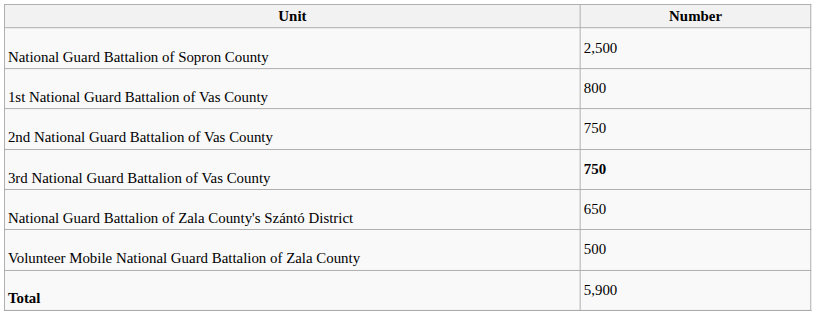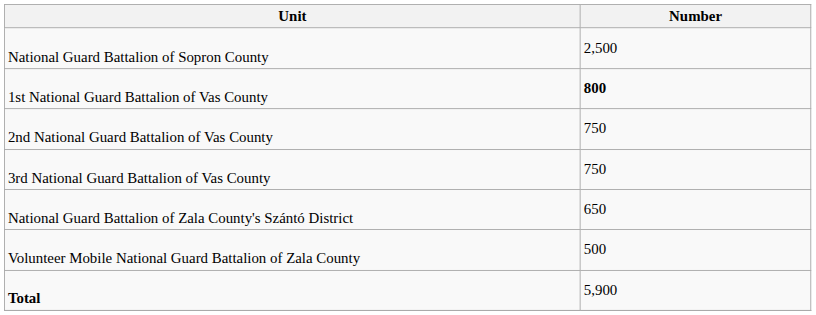 <table class="wikitable">
 <tr>
 <th width=25%>Unit</th>
 <th width=10%>Number</th>
 </tr>
 <tr>
 <td><br>National Guard Battalion of Sopron County</td>
 <td>2,500</td>
 </tr>
 <tr>
 <td><br>1st National Guard Battalion of Vas County</td>
-<td>800</td>
+<td><strong>800</strong></td>
 </tr>
 <tr>
 <td><br>2nd National Guard Battalion of Vas County</td>
 <td>750</td>
 </tr>
 <tr>
 <td><br>3rd National Guard Battalion of Vas County</td>
-<td><strong>750</strong></td>
+<td>750</td>
 </tr>
 <tr>
 <td><br>National Guard Battalion of Zala County's Szántó District</td>
 <td>650</td>
 </tr>
 <tr>
 <td><br>Volunteer Mobile National Guard Battalion of Zala County</td>
 <td>500</td>
 </tr>
 <tr>
 <td><br><strong>Total</strong></td>
 <td>5,900</td>
 </tr>
 <tr>
 </tr>
 </table>
